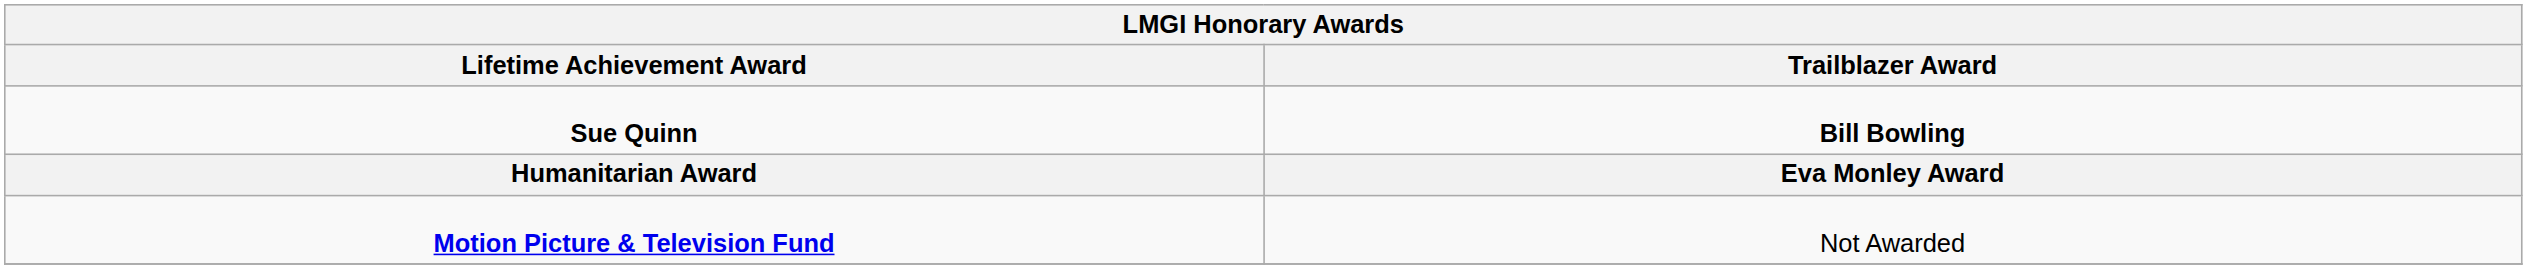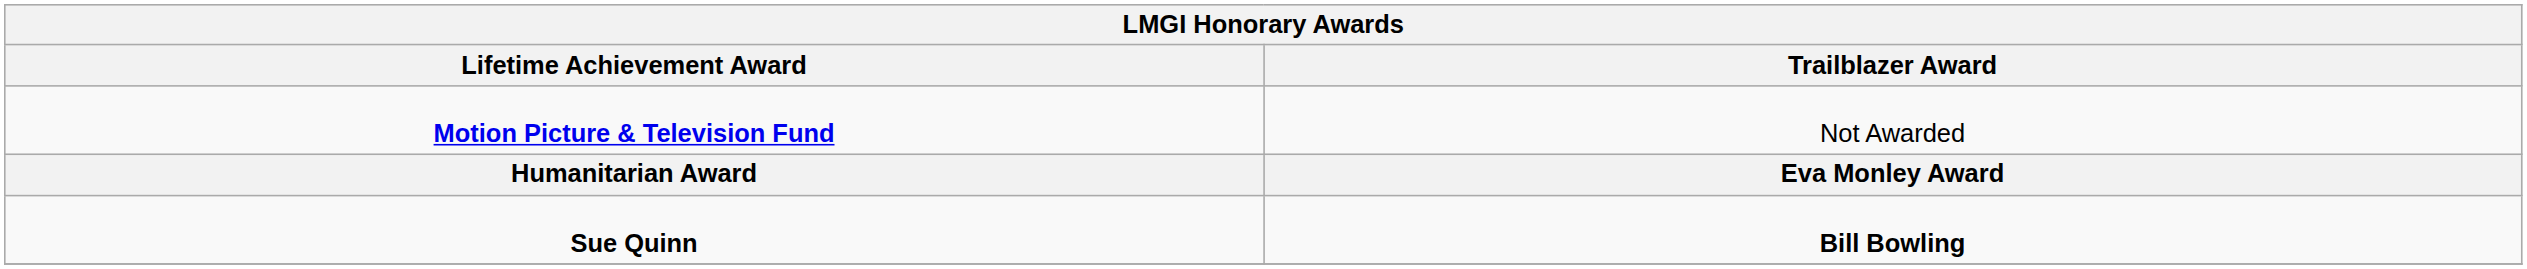 <table class=wikitable width="100%">
 <tr>
 <th colspan="2">LMGI Honorary Awards</th>
 </tr>
 <tr>
 <th width="50%">Lifetime Achievement Award</th>
 <th width="50%">Trailblazer Award</th>
 </tr>
 <tr>
-<td valign="top" style="text-align:center;"><br><strong>Sue Quinn</strong></td>
-<td valign="top" style="text-align:center;"><br><strong>Bill Bowling</strong></td>
+<td valign="top" style="text-align:center;”"><br><strong><a href='#'>Motion Picture & Television Fund</a></strong></td>
+<td valign="top" style="text-align:center;”"><br>Not Awarded</td>
 </tr>
 <tr>
 <th>Humanitarian Award</th>
 <th>Eva Monley Award</th>
 </tr>
 <tr>
-<td valign="top" style="text-align:center;”"><br><strong><a href='#'>Motion Picture & Television Fund</a></strong></td>
-<td valign="top" style="text-align:center;”"><br>Not Awarded</td>
+<td valign="top" style="text-align:center;"><br><strong>Sue Quinn</strong></td>
+<td valign="top" style="text-align:center;"><br><strong>Bill Bowling</strong></td>
 </tr>
 <tr>
 </tr>
 </table>
